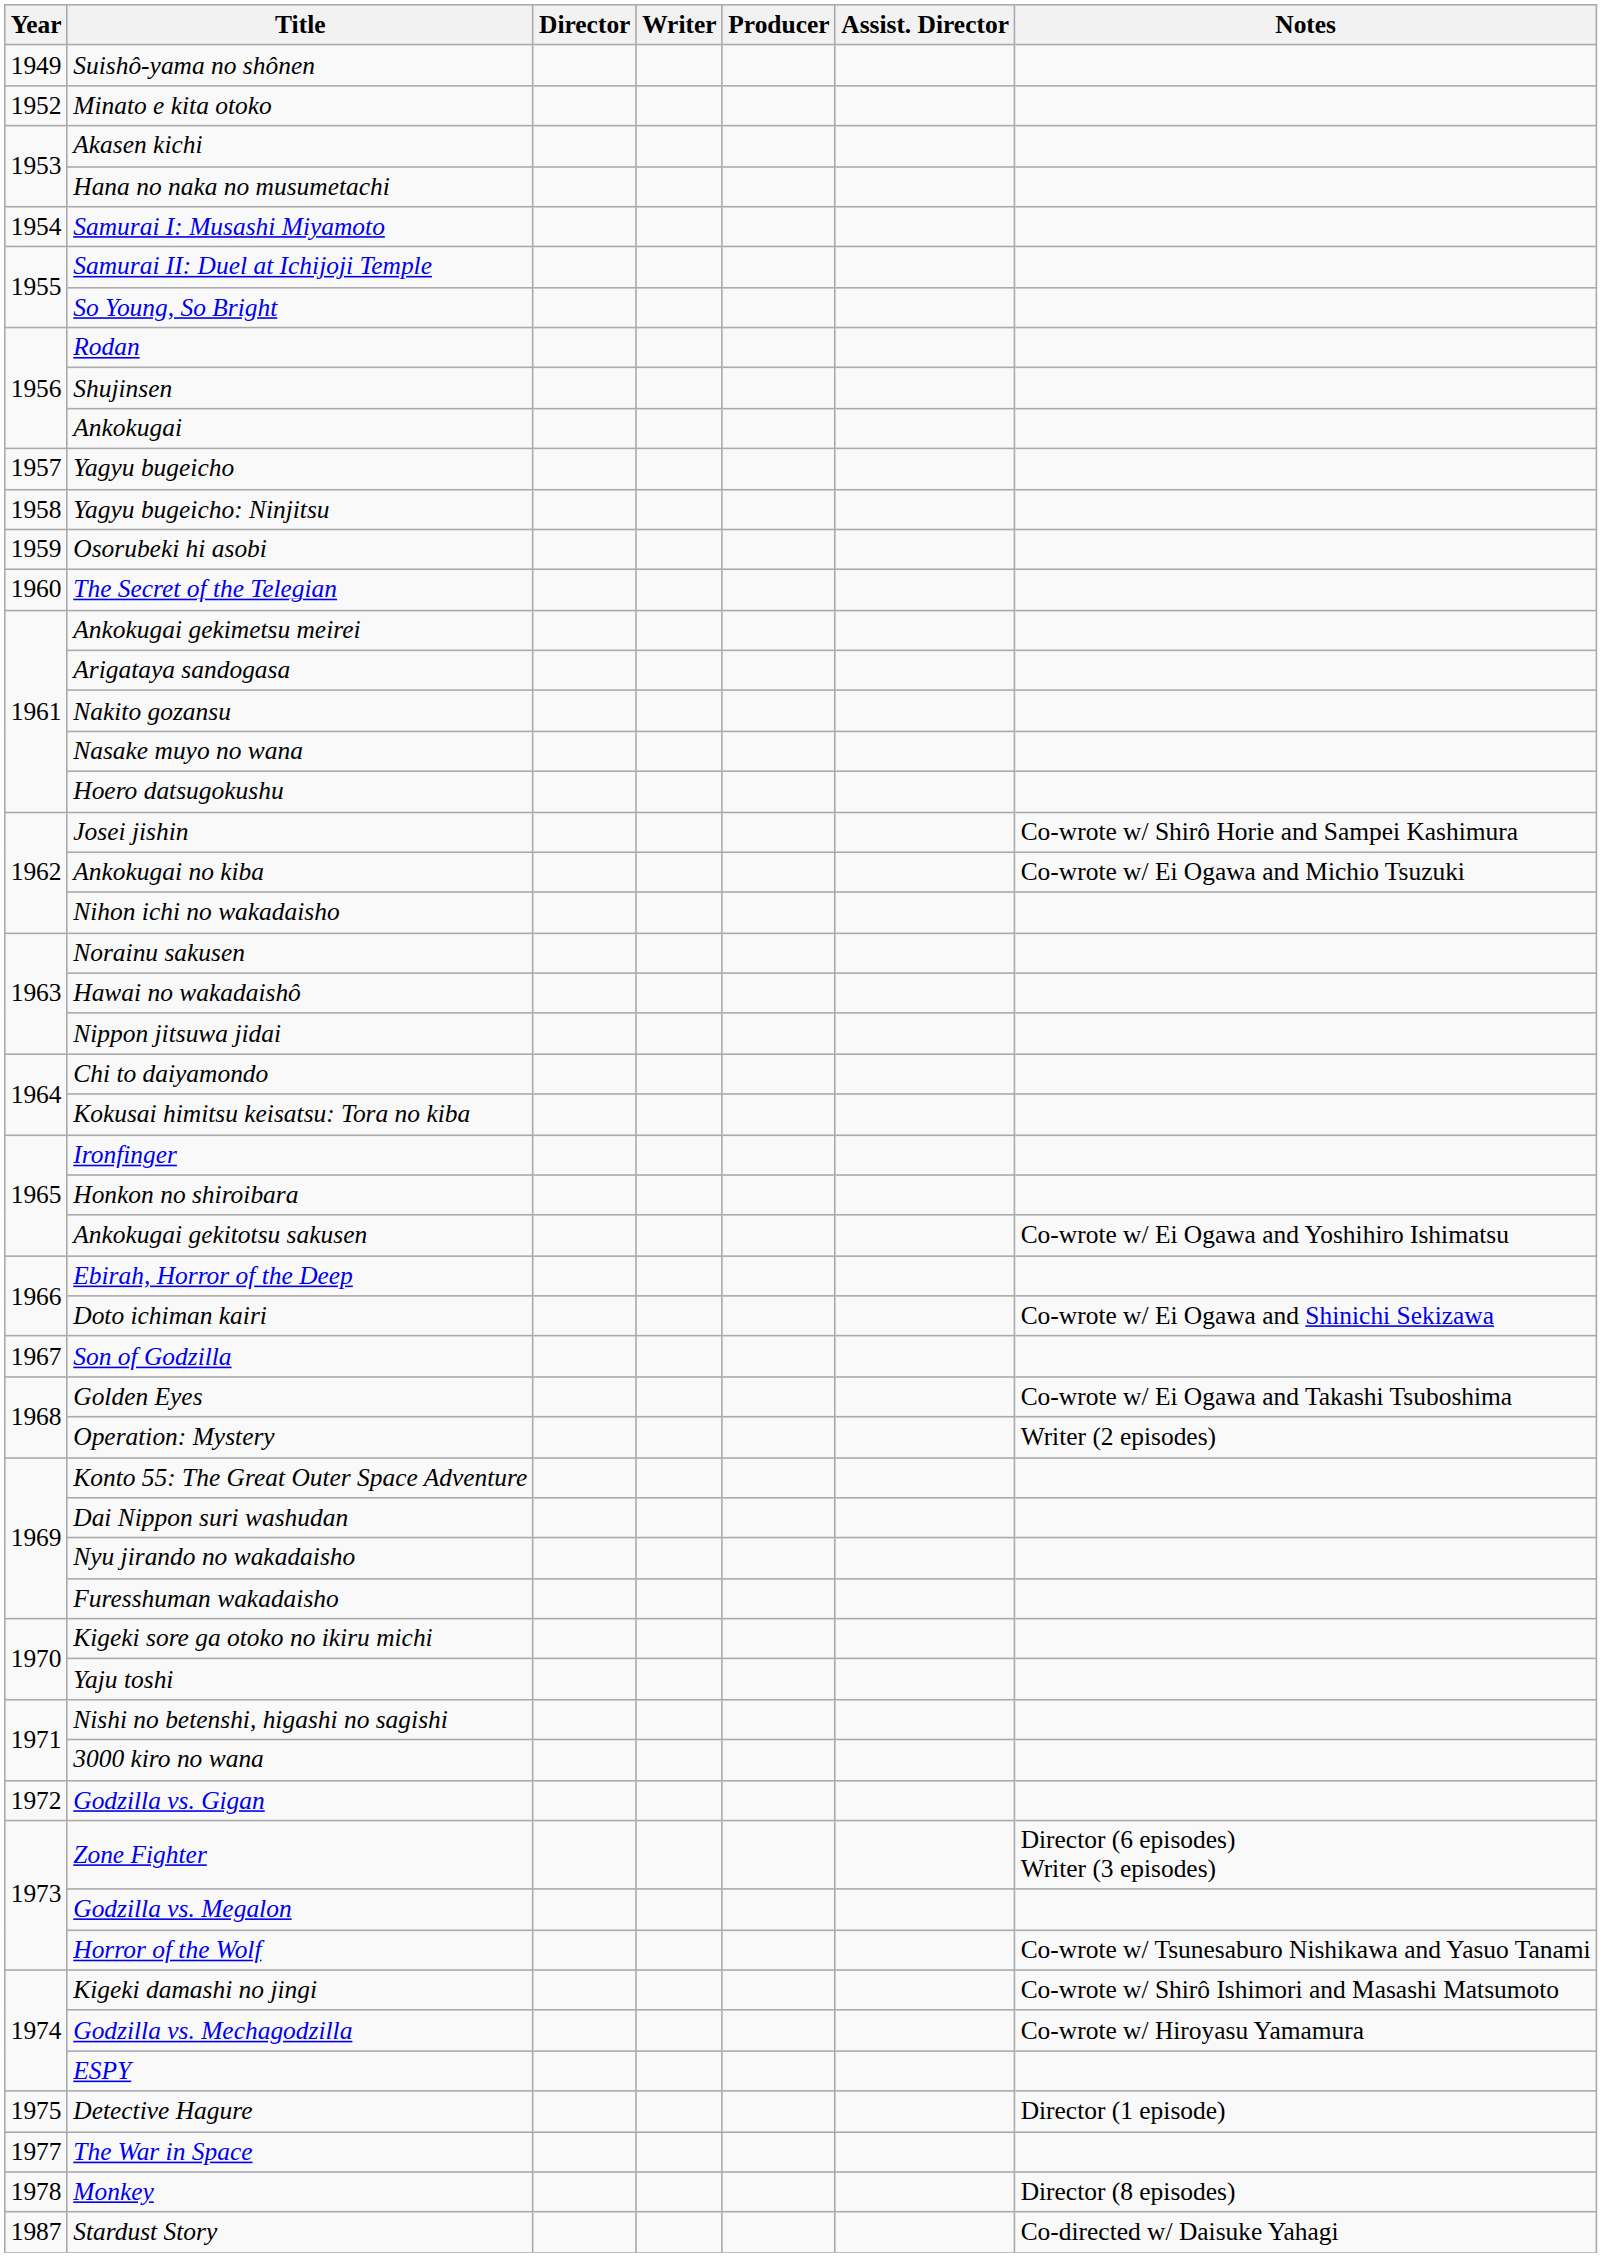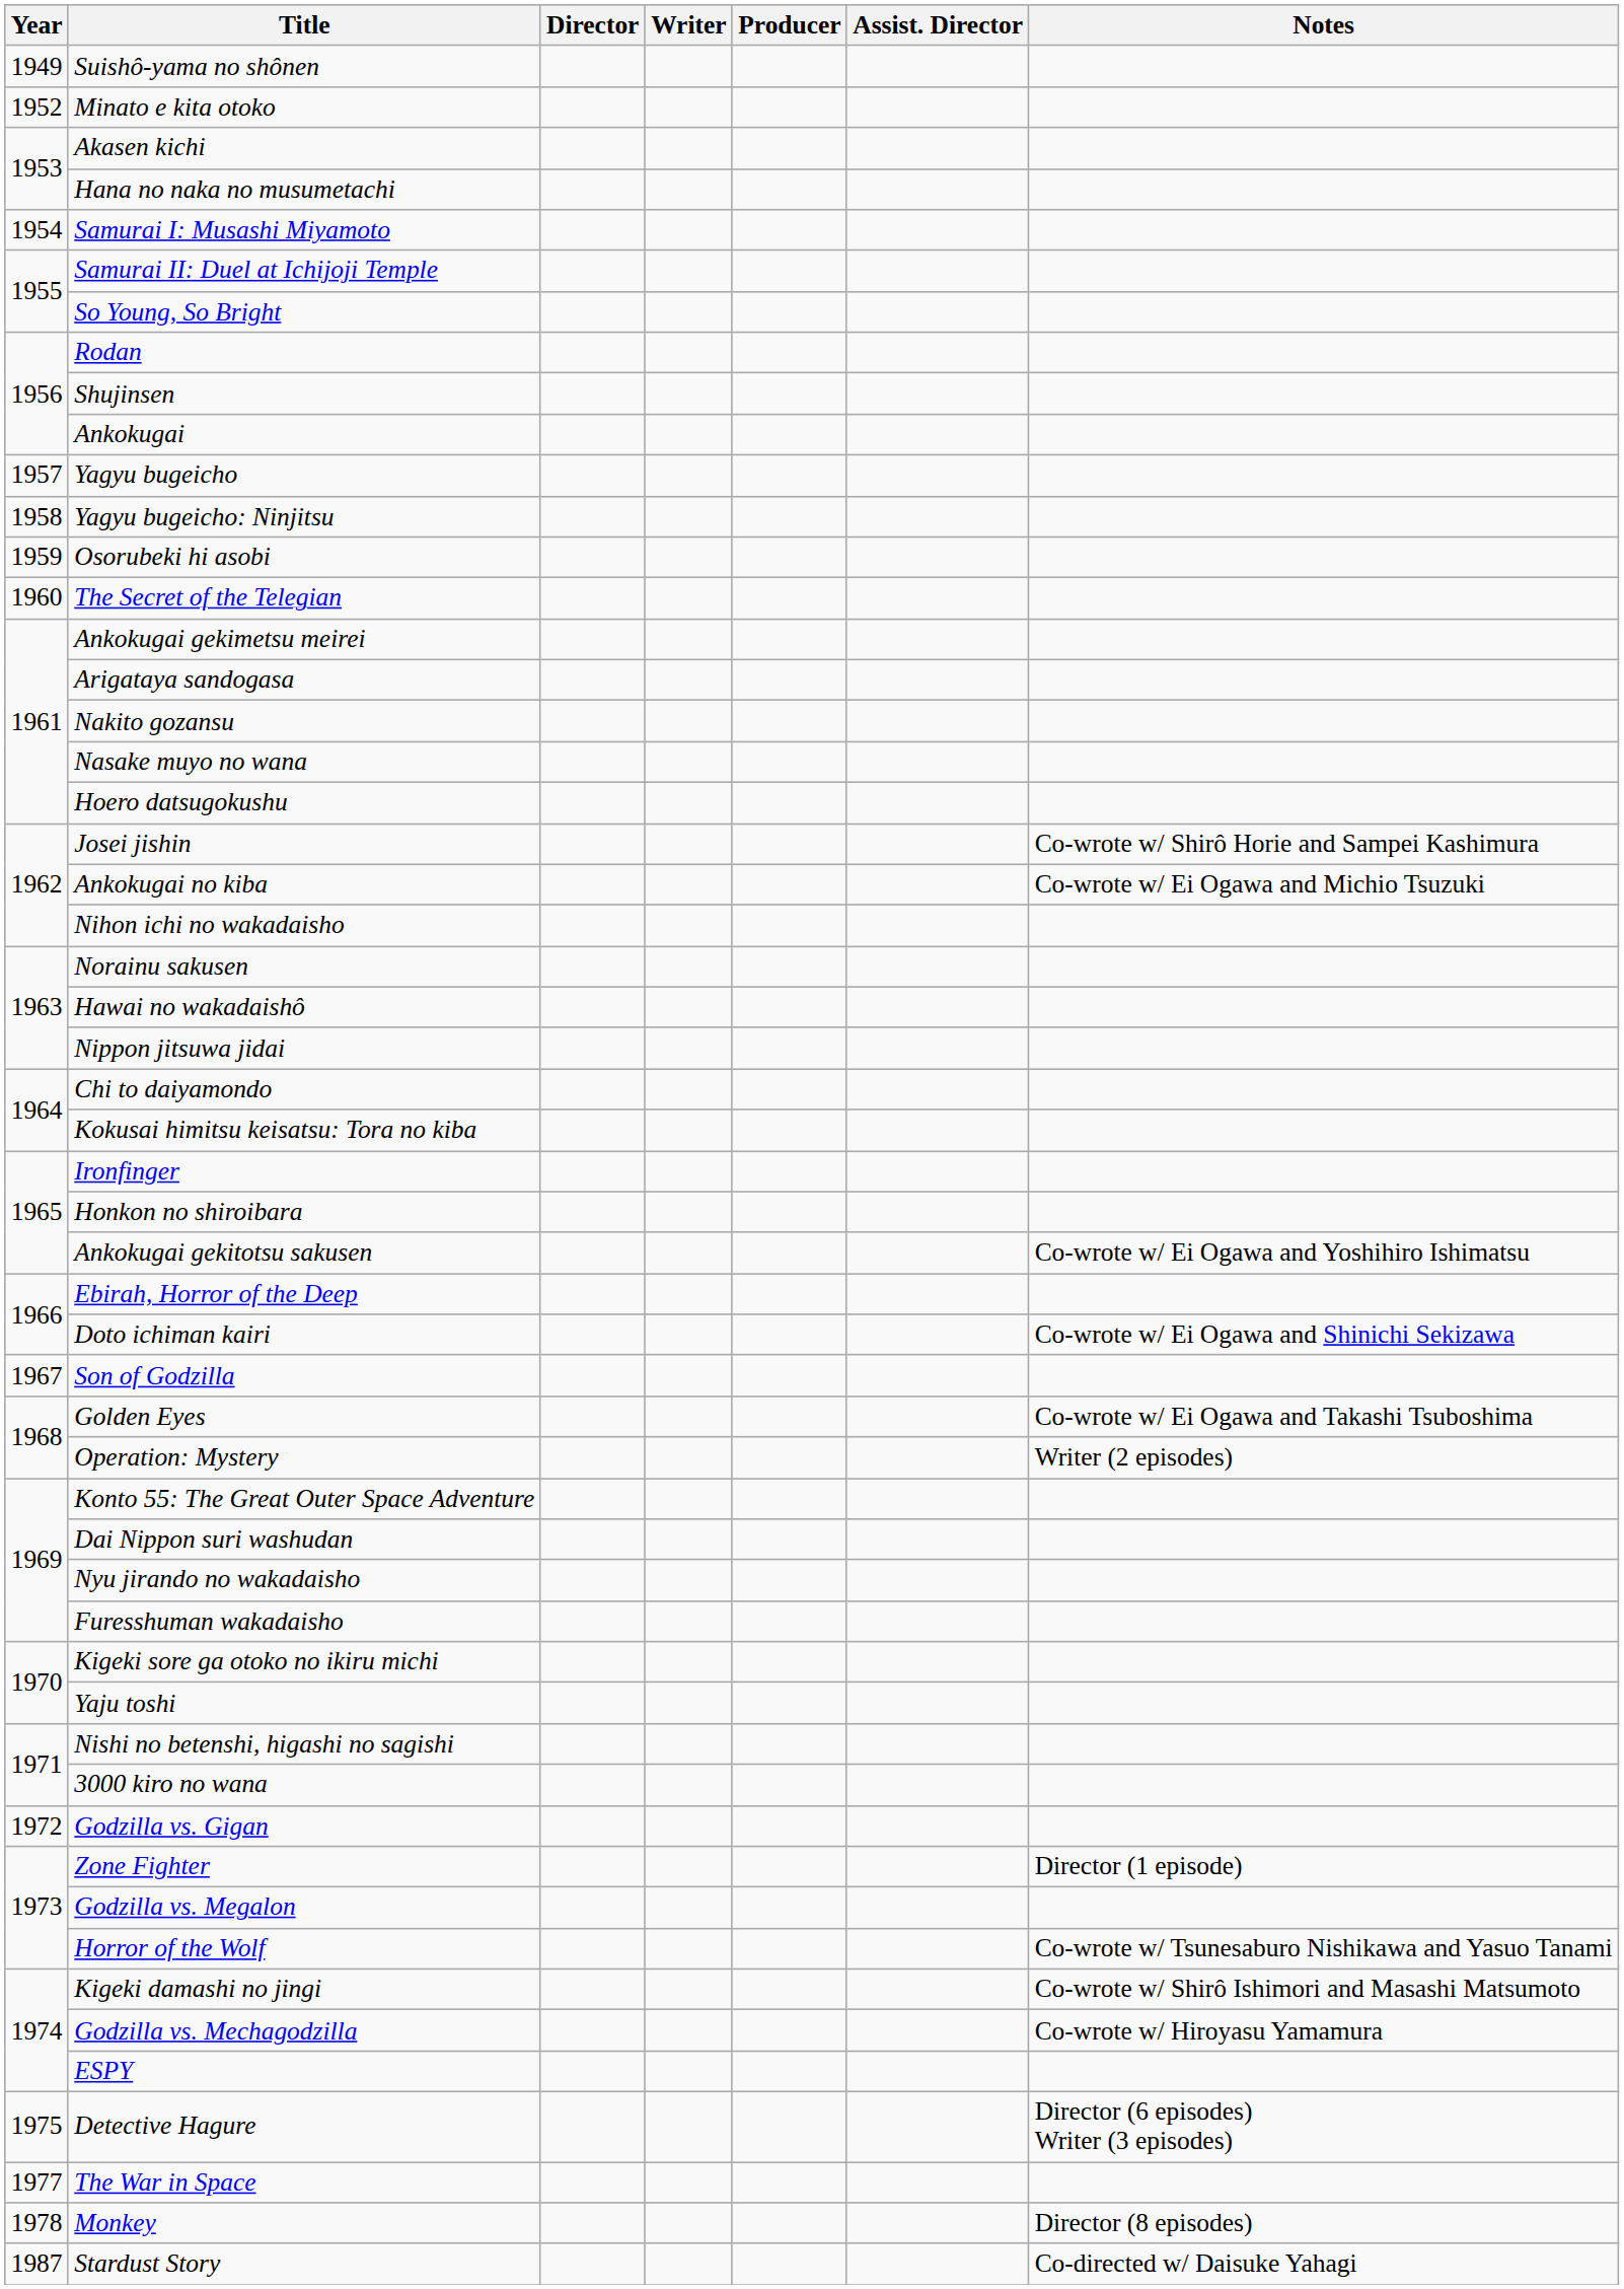 <table class="wikitable">
 <tr>
 <th>Year</th>
 <th>Title</th>
 <th>Director</th>
 <th>Writer</th>
 <th>Producer</th>
 <th>Assist. Director</th>
 <th>Notes</th>
 </tr>
 <tr>
 <td>1949</td>
 <td><em>Suishô-yama no shônen</em></td>
 <td></td>
 <td></td>
 <td></td>
 <td></td>
 <td></td>
 </tr>
 <tr>
 <td>1952</td>
 <td><em>Minato e kita otoko</em></td>
 <td></td>
 <td></td>
 <td></td>
 <td></td>
 <td></td>
 </tr>
 <tr>
 <td rowspan=2>1953</td>
 <td><em>Akasen kichi</em></td>
 <td></td>
 <td></td>
 <td></td>
 <td></td>
 <td></td>
 </tr>
 <tr>
 <td><em>Hana no naka no musumetachi</em></td>
 <td></td>
 <td></td>
 <td></td>
 <td></td>
 <td></td>
 </tr>
 <tr>
 <td>1954</td>
 <td><em><a href='#'>Samurai I: Musashi Miyamoto</a></em></td>
 <td></td>
 <td></td>
 <td></td>
 <td></td>
 <td></td>
 </tr>
 <tr>
 <td rowspan=2>1955</td>
 <td><em><a href='#'>Samurai II: Duel at Ichijoji Temple</a></em></td>
 <td></td>
 <td></td>
 <td></td>
 <td></td>
 <td></td>
 </tr>
 <tr>
 <td><em><a href='#'>So Young, So Bright</a></em></td>
 <td></td>
 <td></td>
 <td></td>
 <td></td>
 <td></td>
 </tr>
 <tr>
 <td rowspan=3>1956</td>
 <td><em><a href='#'>Rodan</a></em></td>
 <td></td>
 <td></td>
 <td></td>
 <td></td>
 <td></td>
 </tr>
 <tr>
 <td><em>Shujinsen</em></td>
 <td></td>
 <td></td>
 <td></td>
 <td></td>
 <td></td>
 </tr>
 <tr>
 <td><em>Ankokugai</em></td>
 <td></td>
 <td></td>
 <td></td>
 <td></td>
 <td></td>
 </tr>
 <tr>
 <td>1957</td>
 <td><em>Yagyu bugeicho</em></td>
 <td></td>
 <td></td>
 <td></td>
 <td></td>
 <td></td>
 </tr>
 <tr>
 <td>1958</td>
 <td><em>Yagyu bugeicho: Ninjitsu</em></td>
 <td></td>
 <td></td>
 <td></td>
 <td></td>
 <td></td>
 </tr>
 <tr>
 <td>1959</td>
 <td><em>Osorubeki hi asobi</em></td>
 <td></td>
 <td></td>
 <td></td>
 <td></td>
 <td></td>
 </tr>
 <tr>
 <td>1960</td>
 <td><em><a href='#'>The Secret of the Telegian</a></em></td>
 <td></td>
 <td></td>
 <td></td>
 <td></td>
 <td></td>
 </tr>
 <tr>
 <td rowspan=5>1961</td>
 <td><em>Ankokugai gekimetsu meirei</em></td>
 <td></td>
 <td></td>
 <td></td>
 <td></td>
 <td></td>
 </tr>
 <tr>
 <td><em>Arigataya sandogasa</em></td>
 <td></td>
 <td></td>
 <td></td>
 <td></td>
 <td></td>
 </tr>
 <tr>
 <td><em>Nakito gozansu</em></td>
 <td></td>
 <td></td>
 <td></td>
 <td></td>
 <td></td>
 </tr>
 <tr>
 <td><em>Nasake muyo no wana</em></td>
 <td></td>
 <td></td>
 <td></td>
 <td></td>
 <td></td>
 </tr>
 <tr>
 <td><em>Hoero datsugokushu</em></td>
 <td></td>
 <td></td>
 <td></td>
 <td></td>
 <td></td>
 </tr>
 <tr>
 <td rowspan=3>1962</td>
 <td><em>Josei jishin</em></td>
 <td></td>
 <td></td>
 <td></td>
 <td></td>
 <td>Co-wrote w/ Shirô Horie and Sampei Kashimura</td>
 </tr>
 <tr>
 <td><em>Ankokugai no kiba</em></td>
 <td></td>
 <td></td>
 <td></td>
 <td></td>
 <td>Co-wrote w/ Ei Ogawa and Michio Tsuzuki</td>
 </tr>
 <tr>
 <td><em>Nihon ichi no wakadaisho</em></td>
 <td></td>
 <td></td>
 <td></td>
 <td></td>
 <td></td>
 </tr>
 <tr>
 <td rowspan=3>1963</td>
 <td><em>Norainu sakusen</em></td>
 <td></td>
 <td></td>
 <td></td>
 <td></td>
 <td></td>
 </tr>
 <tr>
 <td><em>Hawai no wakadaishô</em></td>
 <td></td>
 <td></td>
 <td></td>
 <td></td>
 <td></td>
 </tr>
 <tr>
 <td><em>Nippon jitsuwa jidai</em></td>
 <td></td>
 <td></td>
 <td></td>
 <td></td>
 <td></td>
 </tr>
 <tr>
 <td rowspan=2>1964</td>
 <td><em>Chi to daiyamondo</em></td>
 <td></td>
 <td></td>
 <td></td>
 <td></td>
 <td></td>
 </tr>
 <tr>
 <td><em>Kokusai himitsu keisatsu: Tora no kiba</em></td>
 <td></td>
 <td></td>
 <td></td>
 <td></td>
 <td></td>
 </tr>
 <tr>
 <td rowspan=3>1965</td>
 <td><em><a href='#'>Ironfinger</a></em></td>
 <td></td>
 <td></td>
 <td></td>
 <td></td>
 <td></td>
 </tr>
 <tr>
 <td><em>Honkon no shiroibara</em></td>
 <td></td>
 <td></td>
 <td></td>
 <td></td>
 <td></td>
 </tr>
 <tr>
 <td><em>Ankokugai gekitotsu sakusen</em></td>
 <td></td>
 <td></td>
 <td></td>
 <td></td>
 <td>Co-wrote w/ Ei Ogawa and Yoshihiro Ishimatsu</td>
 </tr>
 <tr>
 <td rowspan=2>1966</td>
 <td><em><a href='#'>Ebirah, Horror of the Deep</a></em></td>
 <td></td>
 <td></td>
 <td></td>
 <td></td>
 <td></td>
 </tr>
 <tr>
 <td><em>Doto ichiman kairi</em></td>
 <td></td>
 <td></td>
 <td></td>
 <td></td>
 <td>Co-wrote w/ Ei Ogawa and <a href='#'>Shinichi Sekizawa</a></td>
 </tr>
 <tr>
 <td>1967</td>
 <td><em><a href='#'>Son of Godzilla</a></em></td>
 <td></td>
 <td></td>
 <td></td>
 <td></td>
 <td></td>
 </tr>
 <tr>
 <td rowspan=2>1968</td>
 <td><em>Golden Eyes</em></td>
 <td></td>
 <td></td>
 <td></td>
 <td></td>
 <td>Co-wrote w/ Ei Ogawa and Takashi Tsuboshima</td>
 </tr>
 <tr>
 <td><em>Operation: Mystery</em></td>
 <td></td>
 <td></td>
 <td></td>
 <td></td>
 <td>Writer (2 episodes)</td>
 </tr>
 <tr>
 <td rowspan=4>1969</td>
 <td><em>Konto 55: The Great Outer Space Adventure</em></td>
 <td></td>
 <td></td>
 <td></td>
 <td></td>
 <td></td>
 </tr>
 <tr>
 <td><em>Dai Nippon suri washudan</em></td>
 <td></td>
 <td></td>
 <td></td>
 <td></td>
 <td></td>
 </tr>
 <tr>
 <td><em>Nyu jirando no wakadaisho</em></td>
 <td></td>
 <td></td>
 <td></td>
 <td></td>
 <td></td>
 </tr>
 <tr>
 <td><em>Furesshuman wakadaisho</em></td>
 <td></td>
 <td></td>
 <td></td>
 <td></td>
 <td></td>
 </tr>
 <tr>
 <td rowspan=2>1970</td>
 <td><em>Kigeki sore ga otoko no ikiru michi</em></td>
 <td></td>
 <td></td>
 <td></td>
 <td></td>
 <td></td>
 </tr>
 <tr>
 <td><em>Yaju toshi</em></td>
 <td></td>
 <td></td>
 <td></td>
 <td></td>
 <td></td>
 </tr>
 <tr>
 <td rowspan=2>1971</td>
 <td><em>Nishi no betenshi, higashi no sagishi</em></td>
 <td></td>
 <td></td>
 <td></td>
 <td></td>
 <td></td>
 </tr>
 <tr>
 <td><em>3000 kiro no wana</em></td>
 <td></td>
 <td></td>
 <td></td>
 <td></td>
 <td></td>
 </tr>
 <tr>
 <td>1972</td>
 <td><em><a href='#'>Godzilla vs. Gigan</a></em></td>
 <td></td>
 <td></td>
 <td></td>
 <td></td>
 <td></td>
 </tr>
 <tr>
 <td rowspan=3>1973</td>
 <td><em><a href='#'>Zone Fighter</a></em></td>
 <td></td>
 <td></td>
 <td></td>
 <td></td>
-<td>Director (6 episodes)<br>Writer (3 episodes)</td>
+<td>Director (1 episode)</td>
 </tr>
 <tr>
 <td><em><a href='#'>Godzilla vs. Megalon</a></em></td>
 <td></td>
 <td></td>
 <td></td>
 <td></td>
 <td></td>
 </tr>
 <tr>
 <td><em><a href='#'>Horror of the Wolf</a></em></td>
 <td></td>
 <td></td>
 <td></td>
 <td></td>
 <td>Co-wrote w/ Tsunesaburo Nishikawa and Yasuo Tanami</td>
 </tr>
 <tr>
 <td rowspan=3>1974</td>
 <td><em>Kigeki damashi no jingi</em></td>
 <td></td>
 <td></td>
 <td></td>
 <td></td>
 <td>Co-wrote w/ Shirô Ishimori and Masashi Matsumoto</td>
 </tr>
 <tr>
 <td><em><a href='#'>Godzilla vs. Mechagodzilla</a></em></td>
 <td></td>
 <td></td>
 <td></td>
 <td></td>
 <td>Co-wrote w/ Hiroyasu Yamamura</td>
 </tr>
 <tr>
 <td><em><a href='#'>ESPY</a></em></td>
 <td></td>
 <td></td>
 <td></td>
 <td></td>
 <td></td>
 </tr>
 <tr>
 <td>1975</td>
 <td><em>Detective Hagure</em></td>
 <td></td>
 <td></td>
 <td></td>
 <td></td>
-<td>Director (1 episode)</td>
+<td>Director (6 episodes)<br>Writer (3 episodes)</td>
 </tr>
 <tr>
 <td>1977</td>
 <td><em><a href='#'>The War in Space</a></em></td>
 <td></td>
 <td></td>
 <td></td>
 <td></td>
 <td></td>
 </tr>
 <tr>
 <td>1978</td>
 <td><em><a href='#'>Monkey</a></em></td>
 <td></td>
 <td></td>
 <td></td>
 <td></td>
 <td>Director (8 episodes)</td>
 </tr>
 <tr>
 <td>1987</td>
 <td><em>Stardust Story</em></td>
 <td></td>
 <td></td>
 <td></td>
 <td></td>
 <td>Co-directed w/ Daisuke Yahagi</td>
 </tr>
 </table>
